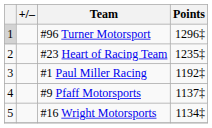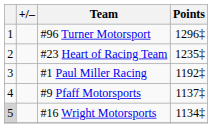 <table class="wikitable" style="font-size: 95%;">
 <tr>
 <th scope="col"></th>
 <th scope="col">+/–</th>
 <th scope="col">Team</th>
 <th scope="col">Points</th>
 </tr>
 <tr>
-<td align=center style="background: lightgrey;">1</td>
+<td align=center>1</td>
 <td align="left"></td>
 <td> #96 <a href='#'>Turner Motorsport</a></td>
 <td align=right>1296‡</td>
 </tr>
 <tr>
 <td align=center>2</td>
 <td align="left"></td>
 <td> #23 <a href='#'>Heart of Racing Team</a></td>
 <td align=right>1235‡</td>
 </tr>
 <tr>
 <td align=center>3</td>
 <td align="left"></td>
 <td> #1 <a href='#'>Paul Miller Racing</a></td>
 <td align=right>1192‡</td>
 </tr>
 <tr>
 <td align=center>4</td>
 <td align="left"></td>
 <td> #9 <a href='#'>Pfaff Motorsports</a></td>
 <td align=right>1137‡</td>
 </tr>
 <tr>
-<td align=center>5</td>
+<td align=center style="background: lightgrey;">5</td>
 <td align="left"></td>
 <td> #16 <a href='#'>Wright Motorsports</a></td>
 <td align=right>1134‡</td>
 </tr>
 <tr>
 </tr>
 </table>
